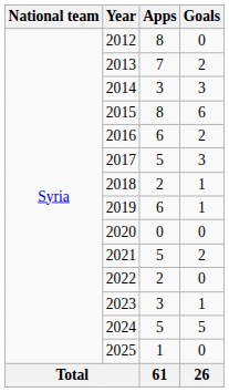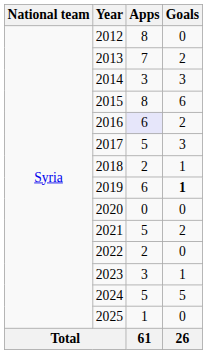 <table class="wikitable" style="text-align:center">
 <tr>
 <th>National team</th>
 <th>Year</th>
 <th>Apps</th>
 <th>Goals</th>
 </tr>
 <tr>
 <td rowspan="14"><a href='#'>Syria</a></td>
 <td>2012</td>
 <td>8</td>
 <td>0</td>
 </tr>
 <tr>
 <td>2013</td>
 <td>7</td>
 <td>2</td>
 </tr>
 <tr>
 <td>2014</td>
 <td>3</td>
 <td>3</td>
 </tr>
 <tr>
 <td>2015</td>
 <td>8</td>
 <td>6</td>
 </tr>
 <tr>
 <td>2016</td>
-<td>6</td>
+<td style="background: lavender;">6</td>
 <td>2</td>
 </tr>
 <tr>
 <td>2017</td>
 <td>5</td>
 <td>3</td>
 </tr>
 <tr>
 <td>2018</td>
 <td>2</td>
 <td>1</td>
 </tr>
 <tr>
 <td>2019</td>
 <td>6</td>
-<td>1</td>
+<td><strong>1</strong></td>
 </tr>
 <tr>
 <td>2020</td>
 <td>0</td>
 <td>0</td>
 </tr>
 <tr>
 <td>2021</td>
 <td>5</td>
 <td>2</td>
 </tr>
 <tr>
 <td>2022</td>
 <td>2</td>
 <td>0</td>
 </tr>
 <tr>
 <td>2023</td>
 <td>3</td>
 <td>1</td>
 </tr>
 <tr>
 <td>2024</td>
 <td>5</td>
 <td>5</td>
 </tr>
 <tr>
 <td>2025</td>
 <td>1</td>
 <td>0</td>
 </tr>
 <tr>
 <th colspan="2">Total</th>
 <th>61</th>
 <th>26</th>
 </tr>
 </table>
